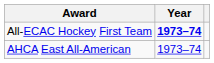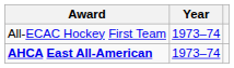 <table class="wikitable">
 <tr>
 <th>Award</th>
 <th>Year</th>
 <th></th>
 </tr>
 <tr>
 <td>All-<a href='#'>ECAC Hockey</a> <a href='#'>First Team</a></td>
-<td><strong><a href='#'>1973–74</a></strong></td>
+<td><a href='#'>1973–74</a></td>
 <td></td>
 </tr>
 <tr>
-<td><a href='#'>AHCA</a> <a href='#'>East All-American</a></td>
+<td><strong><a href='#'>AHCA</a> <a href='#'>East All-American</a></strong></td>
 <td><a href='#'>1973–74</a></td>
 <td></td>
 </tr>
 </table>
